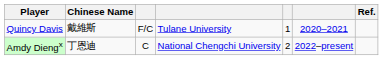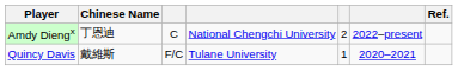 <table class="wikitable sortable" style="font-size:95%; text-align:left;">
 <tr>
 <th>Player</th>
 <th>Chinese Name</th>
 <th></th>
 <th></th>
 <th></th>
 <th></th>
 <th>Ref.</th>
 </tr>
 <tr>
+<td bgcolor="#CCFFCC">Amdy Dieng<sup>x</sup></td>
+<td>丁恩迪</td>
+<td align="center">C</td>
+<td><a href='#'>National Chengchi University</a></td>
+<td align="center">2</td>
+<td align="center"><a href='#'>2022</a>–<a href='#'>present</a></td>
+<td></td>
+</tr>
+<tr>
 <td><a href='#'>Quincy Davis</a></td>
 <td>戴維斯</td>
 <td align="center">F/C</td>
 <td><a href='#'>Tulane University</a></td>
 <td align="center">1</td>
 <td align="center"><a href='#'>2020–2021</a></td>
 <td></td>
 </tr>
-<tr>
-<td bgcolor="#CCFFCC">Amdy Dieng<sup>x</sup></td>
-<td>丁恩迪</td>
-<td align="center">C</td>
-<td><a href='#'>National Chengchi University</a></td>
-<td align="center">2</td>
-<td align="center"><a href='#'>2022</a>–<a href='#'>present</a></td>
-<td></td>
-</tr>
 </table>
